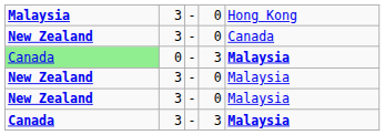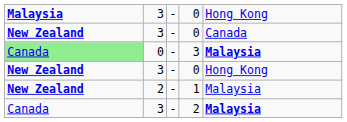 <table class="wikitable">
 <tr>
 <td width=150> <strong><a href='#'>Malaysia</a></strong></td>
 <td width=20 align="right">3</td>
 <td>-</td>
 <td width=20 align="right">0</td>
 <td width=150> <a href='#'>Hong Kong</a></td>
 </tr>
 <tr>
 <td> <strong><a href='#'>New Zealand</a></strong></td>
 <td align="right">3</td>
 <td>-</td>
 <td align="right">0</td>
 <td> <a href='#'>Canada</a></td>
 </tr>
 <tr>
 <td style="background: lightgreen;"> <a href='#'>Canada</a></td>
 <td align="right">0</td>
 <td>-</td>
 <td align="right">3</td>
 <td> <strong><a href='#'>Malaysia</a></strong></td>
 </tr>
 <tr>
 <td> <strong><a href='#'>New Zealand</a></strong></td>
 <td align="right">3</td>
 <td>-</td>
 <td align="right">0</td>
+<td> <a href='#'>Hong Kong</a></td>
+</tr>
+<tr>
+<td> <strong><a href='#'>New Zealand</a></strong></td>
+<td align="right">2</td>
+<td>-</td>
+<td align="right">1</td>
 <td> <a href='#'>Malaysia</a></td>
 </tr>
 <tr>
-<td> <strong><a href='#'>New Zealand</a></strong></td>
+<td> <a href='#'>Canada</a></td>
 <td align="right">3</td>
 <td>-</td>
-<td align="right">0</td>
-<td> <a href='#'>Malaysia</a></td>
-</tr>
-<tr>
-<td><strong> <a href='#'>Canada</a></strong></td>
-<td align="right">3</td>
-<td>-</td>
-<td align="right">3</td>
+<td align="right">2</td>
 <td> <strong><a href='#'>Malaysia</a></strong></td>
 </tr>
 </table>
